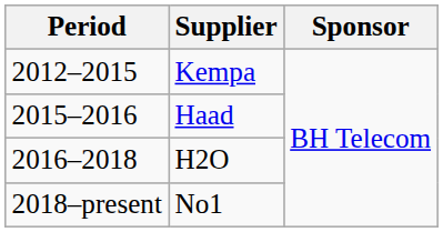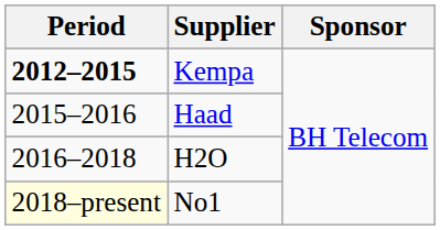 <table class="wikitable">
 <tr>
 <th>Period</th>
 <th>Supplier</th>
 <th>Sponsor</th>
 </tr>
 <tr>
-<td>2012–2015</td>
+<td><strong>2012–2015</strong></td>
 <td> <a href='#'>Kempa</a></td>
 <td rowspan=4><a href='#'>BH Telecom</a></td>
 </tr>
 <tr>
 <td>2015–2016</td>
 <td> <a href='#'>Haad</a></td>
 </tr>
 <tr>
 <td>2016–2018</td>
 <td> H2O</td>
 </tr>
 <tr>
-<td>2018–present</td>
+<td style="background: lightyellow;">2018–present</td>
 <td> No1</td>
 </tr>
 </table>
